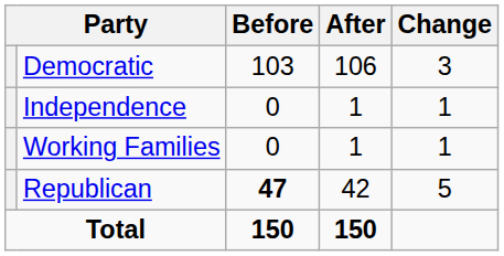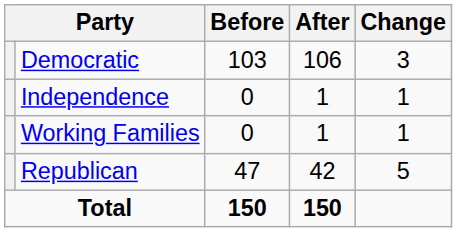 <table class="wikitable" style="text-align:center;">
 <tr>
 <th colspan="2">Party</th>
 <th>Before</th>
 <th>After</th>
 <th>Change</th>
 </tr>
 <tr>
 <th style="background-color:"></th>
 <td style="text-align:left;"><a href='#'>Democratic</a></td>
 <td>103</td>
 <td>106</td>
 <td> 3</td>
 </tr>
 <tr>
 <th style="background-color:"></th>
 <td style="text-align:left;"><a href='#'>Independence</a></td>
 <td>0</td>
 <td>1</td>
 <td> 1</td>
 </tr>
 <tr>
 <th style="background-color:"></th>
 <td style="text-align:left;"><a href='#'>Working Families</a></td>
 <td>0</td>
 <td>1</td>
 <td> 1</td>
 </tr>
 <tr>
 <th style="background-color:"></th>
 <td style="text-align:left;"><a href='#'>Republican</a></td>
-<td><strong>47</strong></td>
+<td>47</td>
 <td>42</td>
 <td> 5</td>
 </tr>
 <tr>
 <td colspan="2"><strong>Total</strong></td>
 <td><strong>150</strong></td>
 <td><strong>150</strong></td>
 <td></td>
 </tr>
 </table>
